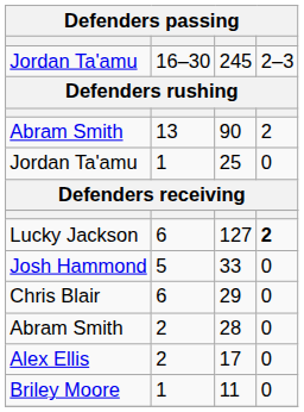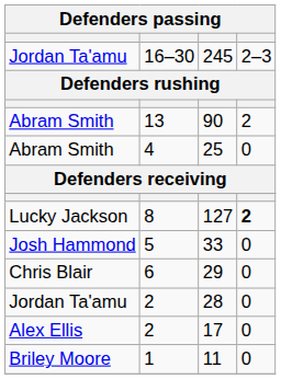 <table class="wikitable plainrowheaders">
 <tr>
 <th colspan="6">Defenders passing</th>
 </tr>
 <tr>
 <th scope="col"></th>
 <th scope="col"></th>
 <th scope="col"></th>
 <th scope="col"></th>
 </tr>
 <tr>
 <td><a href='#'>Jordan Ta'amu</a></td>
 <td>16–30</td>
 <td>245</td>
 <td>2–3</td>
 </tr>
 <tr>
 <th colspan="6">Defenders rushing</th>
 </tr>
 <tr>
 <th scope="col"></th>
 <th scope="col"></th>
 <th scope="col"></th>
 <th scope="col"></th>
 </tr>
 <tr>
 <td><a href='#'>Abram Smith</a></td>
 <td>13</td>
 <td>90</td>
 <td>2</td>
 </tr>
 <tr>
-<td>Jordan Ta'amu</td>
-<td>1</td>
+<td>Abram Smith</td>
+<td>4</td>
 <td>25</td>
 <td>0</td>
 </tr>
 <tr>
 <th colspan="6">Defenders receiving</th>
 </tr>
 <tr>
 </tr>
 <tr>
 <th scope="col"></th>
 <th scope="col"></th>
 <th scope="col"></th>
 <th scope="col"></th>
 </tr>
 <tr>
 <td>Lucky Jackson</td>
-<td>6</td>
+<td>8</td>
 <td>127</td>
 <td><strong>2</strong></td>
 </tr>
 <tr>
 <td><a href='#'>Josh Hammond</a></td>
 <td>5</td>
 <td>33</td>
 <td>0</td>
 </tr>
 <tr>
 <td>Chris Blair</td>
 <td>6</td>
 <td>29</td>
 <td>0</td>
 </tr>
 <tr>
-<td>Abram Smith</td>
+<td>Jordan Ta'amu</td>
 <td>2</td>
 <td>28</td>
 <td>0</td>
 </tr>
 <tr>
 <td><a href='#'>Alex Ellis</a></td>
 <td>2</td>
 <td>17</td>
 <td>0</td>
 </tr>
 <tr>
 <td><a href='#'>Briley Moore</a></td>
 <td>1</td>
 <td>11</td>
 <td>0</td>
 </tr>
 <tr>
 </tr>
 </table>
